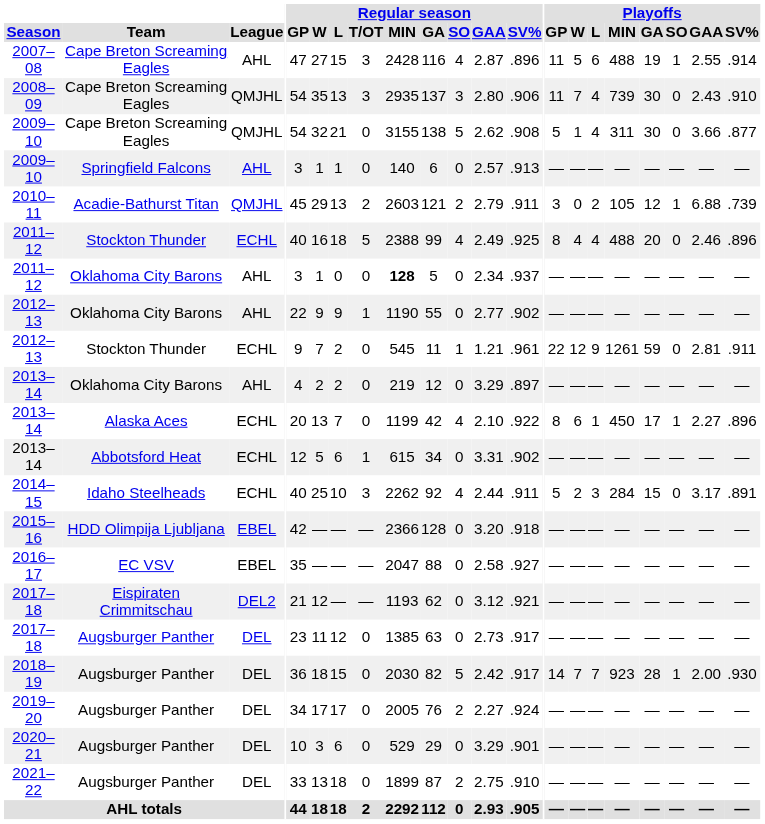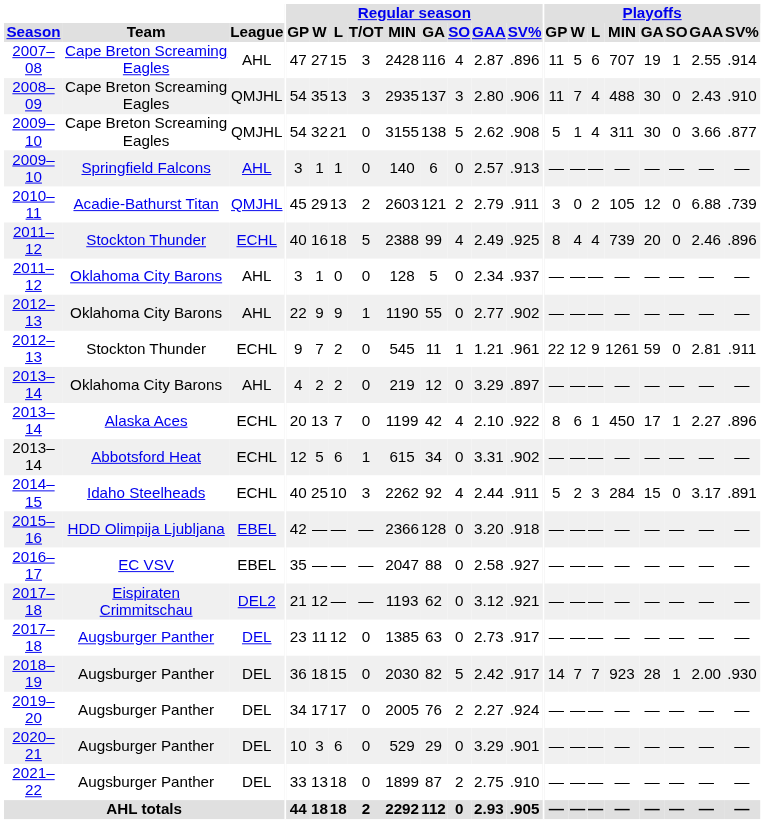 <table border="0" cellpadding="1" cellspacing="0" style="text-align:center; width:90%">
 <tr ALIGN="center" bgcolor="#e0e0e0">
 <th align="center" colspan="3" bgcolor="#ffffff"></th>
 <th align="center" rowspan="99" bgcolor="#ffffff"></th>
 <th align="center" colspan="9" bgcolor="#e0e0e0"><a href='#'>Regular season</a></th>
 <th align="center" rowspan="99" bgcolor="#ffffff"></th>
 <th align="center" colspan="8" bgcolor="#e0e0e0"><a href='#'>Playoffs</a></th>
 </tr>
 <tr ALIGN="center" bgcolor="#e0e0e0">
 <th><a href='#'>Season</a></th>
 <th>Team</th>
 <th>League</th>
 <th>GP</th>
 <th>W</th>
 <th>L</th>
 <th>T/OT</th>
 <th>MIN</th>
 <th>GA</th>
 <th><a href='#'>SO</a></th>
 <th><a href='#'>GAA</a></th>
 <th><a href='#'>SV%</a></th>
 <th>GP</th>
 <th>W</th>
 <th>L</th>
 <th>MIN</th>
 <th>GA</th>
 <th>SO</th>
 <th>GAA</th>
 <th>SV%</th>
 </tr>
 <tr style="text-align:center;">
 <td><a href='#'>2007–08</a></td>
 <td><a href='#'>Cape Breton Screaming Eagles</a></td>
 <td>AHL</td>
 <td>47</td>
 <td>27</td>
 <td>15</td>
 <td>3</td>
 <td>2428</td>
 <td>116</td>
 <td>4</td>
 <td>2.87</td>
 <td>.896</td>
 <td>11</td>
 <td>5</td>
 <td>6</td>
-<td>488</td>
+<td>707</td>
 <td>19</td>
 <td>1</td>
 <td>2.55</td>
 <td>.914</td>
 </tr>
 <tr style="text-align:center; background:#f0f0f0;">
 <td><a href='#'>2008–09</a></td>
 <td>Cape Breton Screaming Eagles</td>
 <td>QMJHL</td>
 <td>54</td>
 <td>35</td>
 <td>13</td>
 <td>3</td>
 <td>2935</td>
 <td>137</td>
 <td>3</td>
 <td>2.80</td>
 <td>.906</td>
 <td>11</td>
 <td>7</td>
 <td>4</td>
-<td>739</td>
+<td>488</td>
 <td>30</td>
 <td>0</td>
 <td>2.43</td>
 <td>.910</td>
 </tr>
 <tr style="text-align:center;">
 <td><a href='#'>2009–10</a></td>
 <td>Cape Breton Screaming Eagles</td>
 <td>QMJHL</td>
 <td>54</td>
 <td>32</td>
 <td>21</td>
 <td>0</td>
 <td>3155</td>
 <td>138</td>
 <td>5</td>
 <td>2.62</td>
 <td>.908</td>
 <td>5</td>
 <td>1</td>
 <td>4</td>
 <td>311</td>
 <td>30</td>
 <td>0</td>
 <td>3.66</td>
 <td>.877</td>
 </tr>
 <tr style="text-align:center; background:#f0f0f0;">
 <td><a href='#'>2009–10</a></td>
 <td><a href='#'>Springfield Falcons</a></td>
 <td><a href='#'>AHL</a></td>
 <td>3</td>
 <td>1</td>
 <td>1</td>
 <td>0</td>
 <td>140</td>
 <td>6</td>
 <td>0</td>
 <td>2.57</td>
 <td>.913</td>
 <td>—</td>
 <td>—</td>
 <td>—</td>
 <td>—</td>
 <td>—</td>
 <td>—</td>
 <td>—</td>
 <td>—</td>
 </tr>
 <tr style="text-align:center;">
 <td><a href='#'>2010–11</a></td>
 <td><a href='#'>Acadie-Bathurst Titan</a></td>
 <td><a href='#'>QMJHL</a></td>
 <td>45</td>
 <td>29</td>
 <td>13</td>
 <td>2</td>
 <td>2603</td>
 <td>121</td>
 <td>2</td>
 <td>2.79</td>
 <td>.911</td>
 <td>3</td>
 <td>0</td>
 <td>2</td>
 <td>105</td>
 <td>12</td>
-<td>1</td>
+<td>0</td>
 <td>6.88</td>
 <td>.739</td>
 </tr>
 <tr style="text-align:center; background:#f0f0f0;">
 <td><a href='#'>2011–12</a></td>
 <td><a href='#'>Stockton Thunder</a></td>
 <td><a href='#'>ECHL</a></td>
 <td>40</td>
 <td>16</td>
 <td>18</td>
 <td>5</td>
 <td>2388</td>
 <td>99</td>
 <td>4</td>
 <td>2.49</td>
 <td>.925</td>
 <td>8</td>
 <td>4</td>
 <td>4</td>
-<td>488</td>
+<td>739</td>
 <td>20</td>
 <td>0</td>
 <td>2.46</td>
 <td>.896</td>
 </tr>
 <tr style="text-align:center;">
 <td><a href='#'>2011–12</a></td>
 <td><a href='#'>Oklahoma City Barons</a></td>
 <td>AHL</td>
 <td>3</td>
 <td>1</td>
 <td>0</td>
 <td>0</td>
-<td><strong>128</strong></td>
+<td>128</td>
 <td>5</td>
 <td>0</td>
 <td>2.34</td>
 <td>.937</td>
 <td>—</td>
 <td>—</td>
 <td>—</td>
 <td>—</td>
 <td>—</td>
 <td>—</td>
 <td>—</td>
 <td>—</td>
 </tr>
 <tr style="text-align:center; background:#f0f0f0;">
 <td><a href='#'>2012–13</a></td>
 <td>Oklahoma City Barons</td>
 <td>AHL</td>
 <td>22</td>
 <td>9</td>
 <td>9</td>
 <td>1</td>
 <td>1190</td>
 <td>55</td>
 <td>0</td>
 <td>2.77</td>
 <td>.902</td>
 <td>—</td>
 <td>—</td>
 <td>—</td>
 <td>—</td>
 <td>—</td>
 <td>—</td>
 <td>—</td>
 <td>—</td>
 </tr>
 <tr style="text-align:center;">
 <td><a href='#'>2012–13</a></td>
 <td>Stockton Thunder</td>
 <td>ECHL</td>
 <td>9</td>
 <td>7</td>
 <td>2</td>
 <td>0</td>
 <td>545</td>
 <td>11</td>
 <td>1</td>
 <td>1.21</td>
 <td>.961</td>
 <td>22</td>
 <td>12</td>
 <td>9</td>
 <td>1261</td>
 <td>59</td>
 <td>0</td>
 <td>2.81</td>
 <td>.911</td>
 </tr>
 <tr style="text-align:center; background:#f0f0f0;">
 <td><a href='#'>2013–14</a></td>
 <td>Oklahoma City Barons</td>
 <td>AHL</td>
 <td>4</td>
 <td>2</td>
 <td>2</td>
 <td>0</td>
 <td>219</td>
 <td>12</td>
 <td>0</td>
 <td>3.29</td>
 <td>.897</td>
 <td>—</td>
 <td>—</td>
 <td>—</td>
 <td>—</td>
 <td>—</td>
 <td>—</td>
 <td>—</td>
 <td>—</td>
 </tr>
 <tr style="text-align:center;">
 <td><a href='#'>2013–14</a></td>
 <td><a href='#'>Alaska Aces</a></td>
 <td>ECHL</td>
 <td>20</td>
 <td>13</td>
 <td>7</td>
 <td>0</td>
 <td>1199</td>
 <td>42</td>
 <td>4</td>
 <td>2.10</td>
 <td>.922</td>
 <td>8</td>
 <td>6</td>
 <td>1</td>
 <td>450</td>
 <td>17</td>
 <td>1</td>
 <td>2.27</td>
 <td>.896</td>
 </tr>
 <tr style="text-align:center; background:#f0f0f0;">
 <td>2013–14</td>
 <td><a href='#'>Abbotsford Heat</a></td>
 <td>ECHL</td>
 <td>12</td>
 <td>5</td>
 <td>6</td>
 <td>1</td>
 <td>615</td>
 <td>34</td>
 <td>0</td>
 <td>3.31</td>
 <td>.902</td>
 <td>—</td>
 <td>—</td>
 <td>—</td>
 <td>—</td>
 <td>—</td>
 <td>—</td>
 <td>—</td>
 <td>—</td>
 </tr>
 <tr style="text-align:center;">
 <td><a href='#'>2014–15</a></td>
 <td><a href='#'>Idaho Steelheads</a></td>
 <td>ECHL</td>
 <td>40</td>
 <td>25</td>
 <td>10</td>
 <td>3</td>
 <td>2262</td>
 <td>92</td>
 <td>4</td>
 <td>2.44</td>
 <td>.911</td>
 <td>5</td>
 <td>2</td>
 <td>3</td>
 <td>284</td>
 <td>15</td>
 <td>0</td>
 <td>3.17</td>
 <td>.891</td>
 </tr>
 <tr style="text-align:center; background:#f0f0f0;">
 <td><a href='#'>2015–16</a></td>
 <td><a href='#'>HDD Olimpija Ljubljana</a></td>
 <td><a href='#'>EBEL</a></td>
 <td>42</td>
 <td>—</td>
 <td>—</td>
 <td>—</td>
 <td>2366</td>
 <td>128</td>
 <td>0</td>
 <td>3.20</td>
 <td>.918</td>
 <td>—</td>
 <td>—</td>
 <td>—</td>
 <td>—</td>
 <td>—</td>
 <td>—</td>
 <td>—</td>
 <td>—</td>
 </tr>
 <tr style="text-align:center;">
 <td><a href='#'>2016–17</a></td>
 <td><a href='#'>EC VSV</a></td>
 <td>EBEL</td>
 <td>35</td>
 <td>—</td>
 <td>—</td>
 <td>—</td>
 <td>2047</td>
 <td>88</td>
 <td>0</td>
 <td>2.58</td>
 <td>.927</td>
 <td>—</td>
 <td>—</td>
 <td>—</td>
 <td>—</td>
 <td>—</td>
 <td>—</td>
 <td>—</td>
 <td>—</td>
 </tr>
 <tr style="text-align:center; background:#f0f0f0;">
 <td><a href='#'>2017–18</a></td>
 <td><a href='#'>Eispiraten Crimmitschau</a></td>
 <td><a href='#'>DEL2</a></td>
 <td>21</td>
 <td>12</td>
 <td>—</td>
 <td>—</td>
 <td>1193</td>
 <td>62</td>
 <td>0</td>
 <td>3.12</td>
 <td>.921</td>
 <td>—</td>
 <td>—</td>
 <td>—</td>
 <td>—</td>
 <td>—</td>
 <td>—</td>
 <td>—</td>
 <td>—</td>
 </tr>
 <tr style="text-align:center;">
 <td><a href='#'>2017–18</a></td>
 <td><a href='#'>Augsburger Panther</a></td>
 <td><a href='#'>DEL</a></td>
 <td>23</td>
 <td>11</td>
 <td>12</td>
 <td>0</td>
 <td>1385</td>
 <td>63</td>
 <td>0</td>
 <td>2.73</td>
 <td>.917</td>
 <td>—</td>
 <td>—</td>
 <td>—</td>
 <td>—</td>
 <td>—</td>
 <td>—</td>
 <td>—</td>
 <td>—</td>
 </tr>
 <tr style="text-align:center; background:#f0f0f0;">
 <td><a href='#'>2018–19</a></td>
 <td>Augsburger Panther</td>
 <td>DEL</td>
 <td>36</td>
 <td>18</td>
 <td>15</td>
 <td>0</td>
 <td>2030</td>
 <td>82</td>
 <td>5</td>
 <td>2.42</td>
 <td>.917</td>
 <td>14</td>
 <td>7</td>
 <td>7</td>
 <td>923</td>
 <td>28</td>
 <td>1</td>
 <td>2.00</td>
 <td>.930</td>
 </tr>
 <tr style="text-align:center;">
 <td><a href='#'>2019–20</a></td>
 <td>Augsburger Panther</td>
 <td>DEL</td>
 <td>34</td>
 <td>17</td>
 <td>17</td>
 <td>0</td>
 <td>2005</td>
 <td>76</td>
 <td>2</td>
 <td>2.27</td>
 <td>.924</td>
 <td>—</td>
 <td>—</td>
 <td>—</td>
 <td>—</td>
 <td>—</td>
 <td>—</td>
 <td>—</td>
 <td>—</td>
 </tr>
 <tr style="text-align:center; background:#f0f0f0;">
 <td><a href='#'>2020–21</a></td>
 <td>Augsburger Panther</td>
 <td>DEL</td>
 <td>10</td>
 <td>3</td>
 <td>6</td>
 <td>0</td>
 <td>529</td>
 <td>29</td>
 <td>0</td>
 <td>3.29</td>
 <td>.901</td>
 <td>—</td>
 <td>—</td>
 <td>—</td>
 <td>—</td>
 <td>—</td>
 <td>—</td>
 <td>—</td>
 <td>—</td>
 </tr>
 <tr style="text-align:center;">
 <td><a href='#'>2021–22</a></td>
 <td>Augsburger Panther</td>
 <td>DEL</td>
 <td>33</td>
 <td>13</td>
 <td>18</td>
 <td>0</td>
 <td>1899</td>
 <td>87</td>
 <td>2</td>
 <td>2.75</td>
 <td>.910</td>
 <td>—</td>
 <td>—</td>
 <td>—</td>
 <td>—</td>
 <td>—</td>
 <td>—</td>
 <td>—</td>
 <td>—</td>
 </tr>
 <tr style="text-align:center; background:#e0e0e0;">
 <th colspan="3" style="text-align:center;">AHL totals</th>
 <th>44</th>
 <th>18</th>
 <th>18</th>
 <th>2</th>
 <th>2292</th>
 <th>112</th>
 <th>0</th>
 <th>2.93</th>
 <th>.905</th>
 <th>—</th>
 <th>—</th>
 <th>—</th>
 <th>—</th>
 <th>—</th>
 <th>—</th>
 <th>—</th>
 <th>—</th>
 </tr>
 </table>
